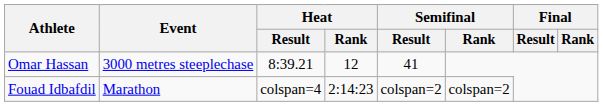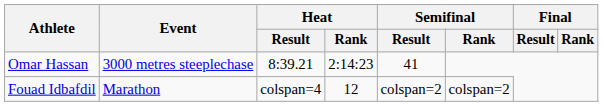 <table class="wikitable" style="font-size:90%">
 <tr>
 <th rowspan="2">Athlete</th>
 <th rowspan="2">Event</th>
 <th colspan="2">Heat</th>
 <th colspan="2">Semifinal</th>
 <th colspan="2">Final</th>
 </tr>
 <tr style="font-size:95%">
 <th>Result</th>
 <th>Rank</th>
 <th>Result</th>
 <th>Rank</th>
 <th>Result</th>
 <th>Rank</th>
 </tr>
 <tr align=center>
 <td align=left><a href='#'>Omar Hassan</a></td>
 <td align=left><a href='#'>3000 metres steeplechase</a></td>
 <td>8:39.21</td>
-<td>12</td>
+<td>2:14:23</td>
 <td>41</td>
 </tr>
 <tr align=center>
 <td align=left><a href='#'>Fouad Idbafdil</a></td>
 <td align=left><a href='#'>Marathon</a></td>
 <td>colspan=4</td>
-<td>2:14:23</td>
+<td>12</td>
 <td>colspan=2</td>
 <td>colspan=2 </td>
 </tr>
 </table>
